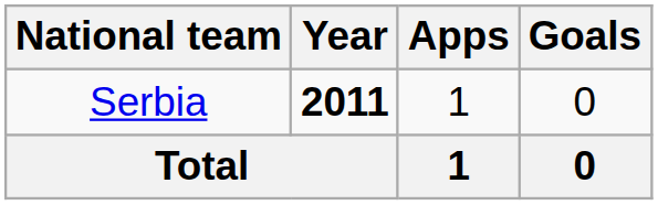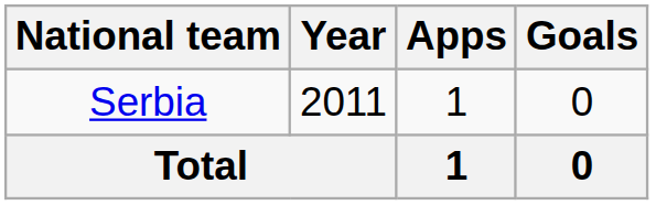 <table class="wikitable" style="text-align:center">
 <tr>
 <th>National team</th>
 <th>Year</th>
 <th>Apps</th>
 <th>Goals</th>
 </tr>
 <tr>
 <td rowspan="1" style="vertical-align:center"><a href='#'>Serbia</a></td>
-<td><strong>2011</strong></td>
+<td>2011</td>
 <td>1</td>
 <td>0</td>
 </tr>
 <tr>
 <th colspan="2">Total</th>
 <th>1</th>
 <th>0</th>
 </tr>
 </table>
